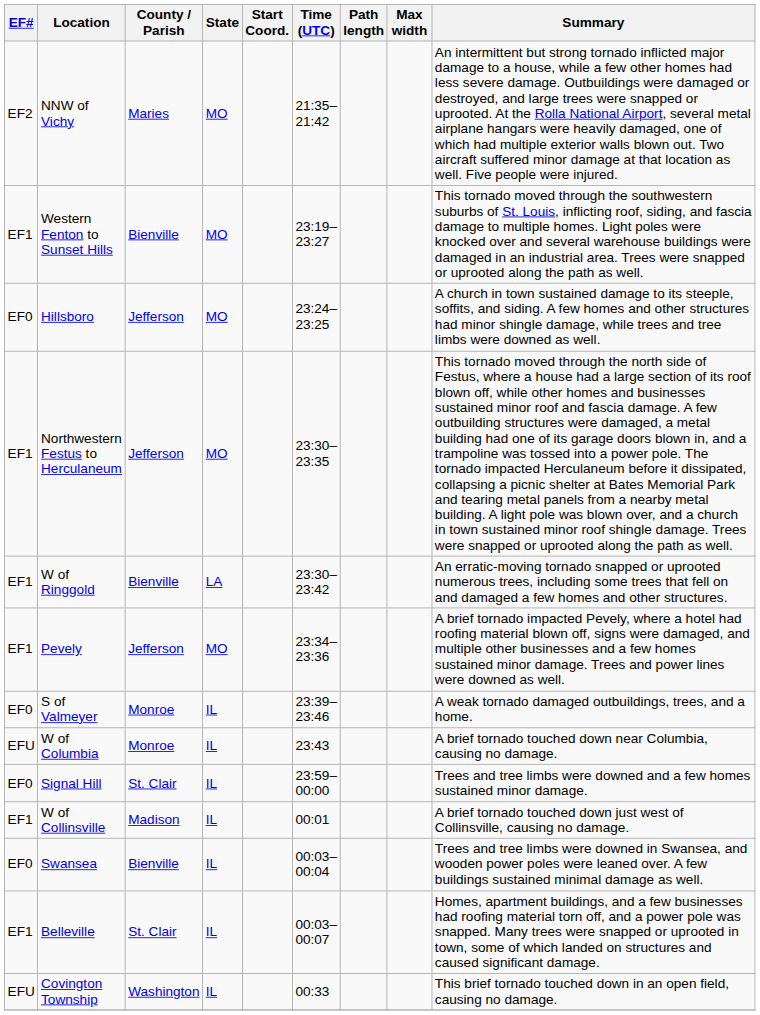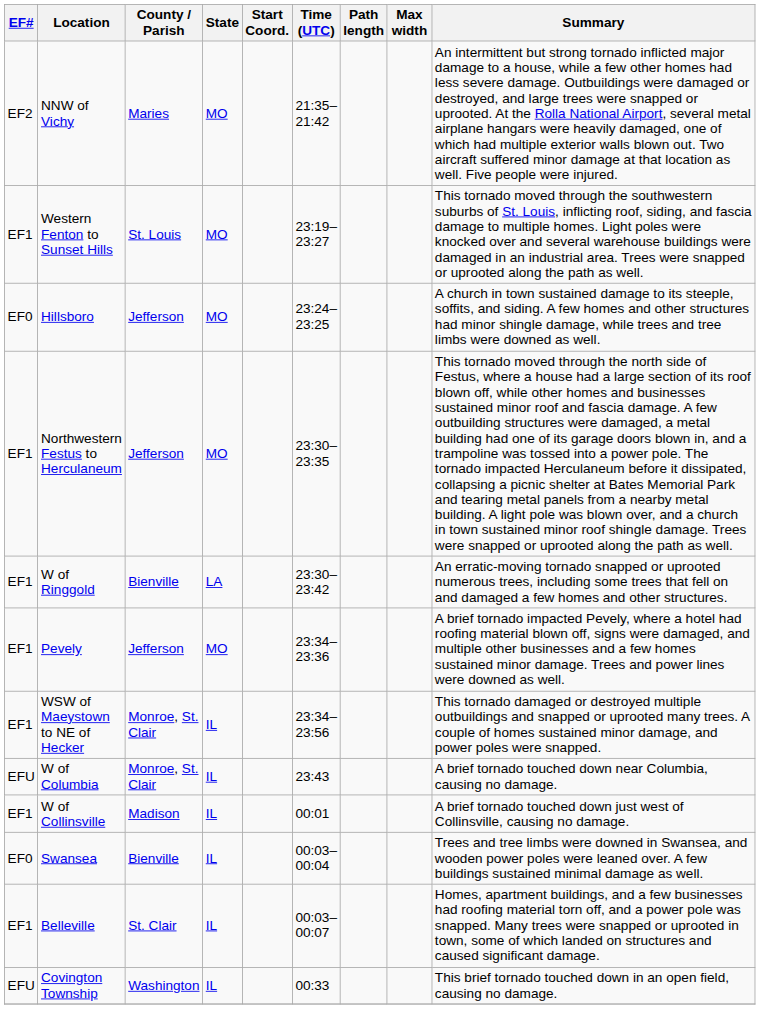 <table class="wikitable sortable" style="width:100%;">
 <tr>
 <th scope="col" style="width:3%; text-align:center;"><a href='#'>EF#</a></th>
 <th scope="col" style="width:7%; text-align:center;" class="unsortable">Location</th>
 <th scope="col" style="width:6%; text-align:center;" class="unsortable">County / Parish</th>
 <th scope="col" style="width:5%; text-align:center;">State</th>
 <th scope="col" style="width:6%; text-align:center;">Start Coord.</th>
 <th scope="col" style="width:6%; text-align:center;">Time (<a href='#'>UTC</a>)</th>
 <th scope="col" style="width:6%; text-align:center;">Path length</th>
 <th scope="col" style="width:6%; text-align:center;">Max width</th>
 <th scope="col" class="unsortable" style="width:48%; text-align:center;">Summary</th>
 </tr>
 <tr>
 <td>EF2</td>
 <td>NNW of <a href='#'>Vichy</a></td>
 <td><a href='#'>Maries</a></td>
 <td><a href='#'>MO</a></td>
 <td></td>
 <td>21:35–21:42</td>
 <td></td>
 <td></td>
 <td>An intermittent but strong tornado inflicted major damage to a house, while a few other homes had less severe damage. Outbuildings were damaged or destroyed, and large trees were snapped or uprooted. At the <a href='#'>Rolla National Airport</a>, several metal airplane hangars were heavily damaged, one of which had multiple exterior walls blown out. Two aircraft suffered minor damage at that location as well. Five people were injured.</td>
 </tr>
 <tr>
 <td>EF1</td>
 <td>Western <a href='#'>Fenton</a> to <a href='#'>Sunset Hills</a></td>
-<td><a href='#'>Bienville</a></td>
+<td><a href='#'>St. Louis</a></td>
 <td><a href='#'>MO</a></td>
 <td></td>
 <td>23:19–23:27</td>
 <td></td>
 <td></td>
 <td>This tornado moved through the southwestern suburbs of <a href='#'>St. Louis</a>, inflicting roof, siding, and fascia damage to multiple homes. Light poles were knocked over and several warehouse buildings were damaged in an industrial area. Trees were snapped or uprooted along the path as well.</td>
 </tr>
 <tr>
 <td>EF0</td>
 <td><a href='#'>Hillsboro</a></td>
 <td><a href='#'>Jefferson</a></td>
 <td><a href='#'>MO</a></td>
 <td></td>
 <td>23:24–23:25</td>
 <td></td>
 <td></td>
 <td>A church in town sustained damage to its steeple, soffits, and siding. A few homes and other structures had minor shingle damage, while trees and tree limbs were downed as well.</td>
 </tr>
 <tr>
 <td>EF1</td>
 <td>Northwestern <a href='#'>Festus</a> to <a href='#'>Herculaneum</a></td>
 <td><a href='#'>Jefferson</a></td>
 <td><a href='#'>MO</a></td>
 <td></td>
 <td>23:30–23:35</td>
 <td></td>
 <td></td>
 <td>This tornado moved through the north side of Festus, where a house had a large section of its roof blown off, while other homes and businesses sustained minor roof and fascia damage. A few outbuilding structures were damaged, a metal building had one of its garage doors blown in, and a trampoline was tossed into a power pole. The tornado impacted Herculaneum before it dissipated, collapsing a picnic shelter at Bates Memorial Park and tearing metal panels from a nearby metal building. A light pole was blown over, and a church in town sustained minor roof shingle damage. Trees were snapped or uprooted along the path as well.</td>
 </tr>
 <tr>
 <td>EF1</td>
 <td>W of <a href='#'>Ringgold</a></td>
 <td><a href='#'>Bienville</a></td>
 <td><a href='#'>LA</a></td>
 <td></td>
 <td>23:30–23:42</td>
 <td></td>
 <td></td>
 <td>An erratic-moving tornado snapped or uprooted numerous trees, including some trees that fell on and damaged a few homes and other structures.</td>
 </tr>
 <tr>
 <td>EF1</td>
 <td><a href='#'>Pevely</a></td>
 <td><a href='#'>Jefferson</a></td>
 <td><a href='#'>MO</a></td>
 <td></td>
 <td>23:34–23:36</td>
 <td></td>
 <td></td>
 <td>A brief tornado impacted Pevely, where a hotel had roofing material blown off, signs were damaged, and multiple other businesses and a few homes sustained minor damage. Trees and power lines were downed as well.</td>
 </tr>
 <tr>
-<td>EF0</td>
-<td>S of <a href='#'>Valmeyer</a></td>
-<td><a href='#'>Monroe</a></td>
+<td>EF1</td>
+<td>WSW of <a href='#'>Maeystown</a> to NE of <a href='#'>Hecker</a></td>
+<td><a href='#'>Monroe</a>, <a href='#'>St. Clair</a></td>
 <td><a href='#'>IL</a></td>
 <td></td>
-<td>23:39–23:46</td>
+<td>23:34–23:56</td>
 <td></td>
 <td></td>
-<td>A weak tornado damaged outbuildings, trees, and a home.</td>
+<td>This tornado damaged or destroyed multiple outbuildings and snapped or uprooted many trees. A couple of homes sustained minor damage, and power poles were snapped.</td>
 </tr>
 <tr>
 <td>EFU</td>
 <td>W of <a href='#'>Columbia</a></td>
-<td><a href='#'>Monroe</a></td>
+<td><a href='#'>Monroe</a>, <a href='#'>St. Clair</a></td>
 <td><a href='#'>IL</a></td>
 <td></td>
 <td>23:43</td>
 <td></td>
 <td></td>
 <td>A brief tornado touched down near Columbia, causing no damage.</td>
-</tr>
-<tr>
-<td>EF0</td>
-<td><a href='#'>Signal Hill</a></td>
-<td><a href='#'>St. Clair</a></td>
-<td><a href='#'>IL</a></td>
-<td></td>
-<td>23:59–00:00</td>
-<td></td>
-<td></td>
-<td>Trees and tree limbs were downed and a few homes sustained minor damage.</td>
 </tr>
 <tr>
 <td>EF1</td>
 <td>W of <a href='#'>Collinsville</a></td>
 <td><a href='#'>Madison</a></td>
 <td><a href='#'>IL</a></td>
 <td></td>
 <td>00:01</td>
 <td></td>
 <td></td>
 <td>A brief tornado touched down just west of Collinsville, causing no damage.</td>
 </tr>
 <tr>
 <td>EF0</td>
 <td><a href='#'>Swansea</a></td>
 <td><a href='#'>Bienville</a></td>
 <td><a href='#'>IL</a></td>
 <td></td>
 <td>00:03–00:04</td>
 <td></td>
 <td></td>
 <td>Trees and tree limbs were downed in Swansea, and wooden power poles were leaned over. A few buildings sustained minimal damage as well.</td>
 </tr>
 <tr>
 <td>EF1</td>
 <td><a href='#'>Belleville</a></td>
 <td><a href='#'>St. Clair</a></td>
 <td><a href='#'>IL</a></td>
 <td></td>
 <td>00:03–00:07</td>
 <td></td>
 <td></td>
 <td>Homes, apartment buildings, and a few businesses had roofing material torn off, and a power pole was snapped. Many trees were snapped or uprooted in town, some of which landed on structures and caused significant damage.</td>
 </tr>
 <tr>
 <td>EFU</td>
 <td><a href='#'>Covington Township</a></td>
 <td><a href='#'>Washington</a></td>
 <td><a href='#'>IL</a></td>
 <td></td>
 <td>00:33</td>
 <td></td>
 <td></td>
 <td>This brief tornado touched down in an open field, causing no damage.</td>
 </tr>
 <tr>
 </tr>
 </table>
